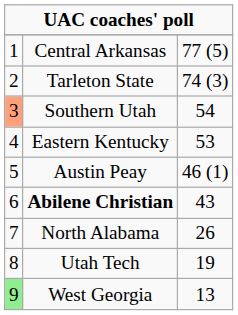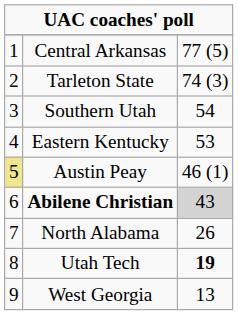 <table class="wikitable" style="display: inline-table;">
 <tr>
 <td align="center" Colspan="3"><strong>UAC coaches' poll</strong></td>
 </tr>
 <tr align="center">
 </tr>
 <tr align="center">
 <td>1</td>
 <td>Central Arkansas</td>
 <td>77 (5)</td>
 </tr>
 <tr align="center">
 <td>2</td>
 <td>Tarleton State</td>
 <td>74 (3)</td>
 </tr>
 <tr align="center">
-<td style="background: lightsalmon;">3</td>
+<td>3</td>
 <td>Southern Utah</td>
 <td>54</td>
 </tr>
 <tr align="center">
 <td>4</td>
 <td>Eastern Kentucky</td>
 <td>53</td>
 </tr>
 <tr align="center">
-<td>5</td>
+<td style="background: khaki;">5</td>
 <td>Austin Peay</td>
 <td>46 (1)</td>
 </tr>
 <tr align="center">
 <td>6</td>
 <td><strong>Abilene Christian</strong></td>
-<td>43</td>
+<td style="background: lightgrey;">43</td>
 </tr>
 <tr align="center">
 <td>7</td>
 <td>North Alabama</td>
 <td>26</td>
 </tr>
 <tr align="center">
 <td>8</td>
 <td>Utah Tech</td>
-<td>19</td>
+<td><strong>19</strong></td>
 </tr>
 <tr align="center">
-<td style="background: lightgreen;">9</td>
+<td>9</td>
 <td>West Georgia</td>
 <td>13</td>
 </tr>
 </table>
